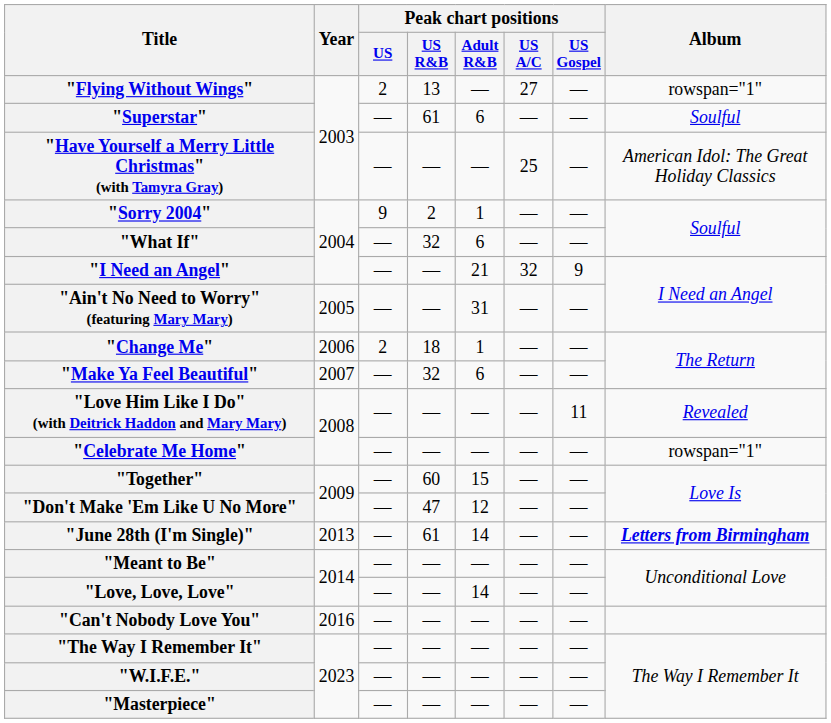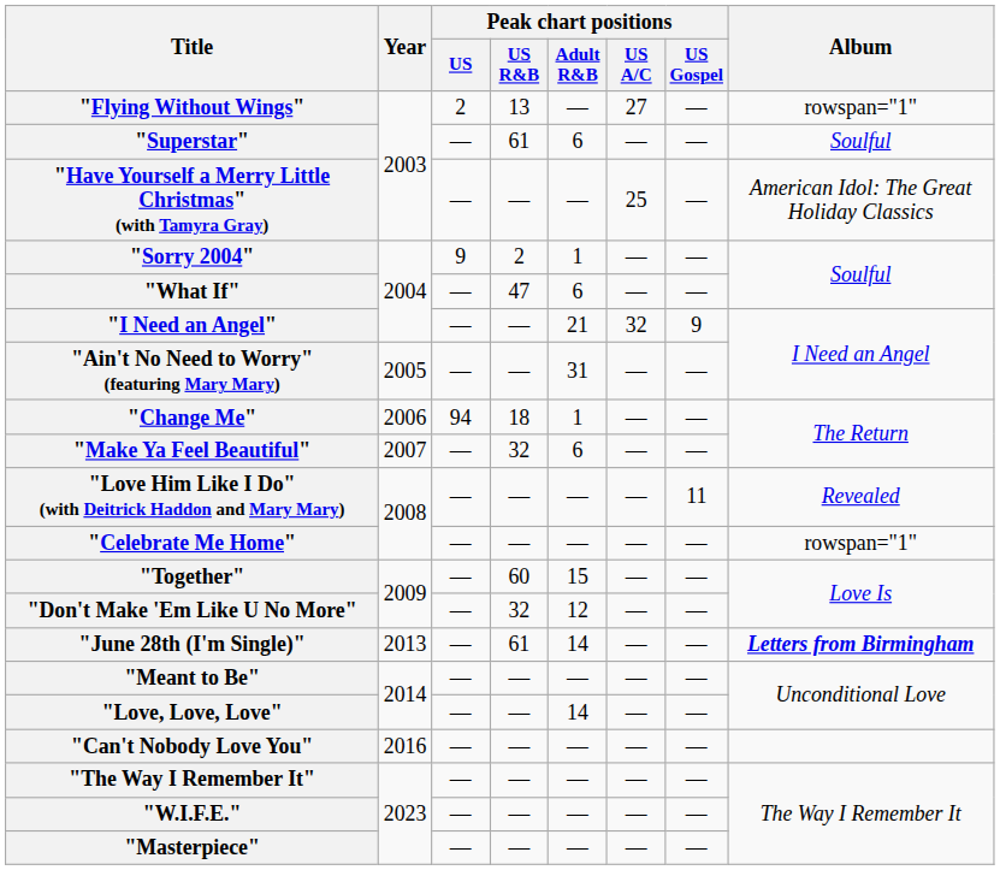 <table class="wikitable plainrowheaders" style="text-align:center;">
 <tr>
 <th scope="col" rowspan="2" style="width:17em;">Title</th>
 <th scope="col" rowspan="2">Year</th>
 <th scope="col" colspan="5">Peak chart positions</th>
 <th scope="col" rowspan="2" style="width:12em;">Album</th>
 </tr>
 <tr>
 <th scope="col" style="width:2.75em;font-size:85%;"><a href='#'>US</a></th>
 <th scope="col" style="width:2.75em;font-size:85%;"><a href='#'>US<br>R&B</a></th>
 <th scope="col" style="width:2.75em;font-size:85%;"><a href='#'>Adult<br>R&B</a></th>
 <th scope="col" style="width:2.75em;font-size:85%;"><a href='#'>US<br>A/C</a></th>
 <th scope="col" style="width:2.75em;font-size:85%;"><a href='#'>US<br>Gospel</a></th>
 </tr>
 <tr>
 <th scope="row">"<a href='#'>Flying Without Wings</a>"</th>
 <td rowspan="3">2003</td>
 <td align="center">2</td>
 <td align="center">13</td>
 <td align="center">—</td>
 <td align="center">27</td>
 <td align="center">—</td>
 <td>rowspan="1" </td>
 </tr>
 <tr>
 <th scope="row">"<a href='#'>Superstar</a>"</th>
 <td align="center">—</td>
 <td align="center">61</td>
 <td align="center">6</td>
 <td align="center">—</td>
 <td align="center">—</td>
 <td><em><a href='#'>Soulful</a></em></td>
 </tr>
 <tr>
 <th scope="row">"<a href='#'>Have Yourself a Merry Little Christmas</a>" <br><small>(with <a href='#'>Tamyra Gray</a>)</small></th>
 <td align="center">—</td>
 <td align="center">—</td>
 <td align="center">—</td>
 <td align="center">25</td>
 <td align="center">—</td>
 <td><em>American Idol: The Great Holiday Classics</em></td>
 </tr>
 <tr>
 <th scope="row">"<a href='#'>Sorry 2004</a>"</th>
 <td rowspan="3">2004</td>
 <td align="center">9</td>
 <td align="center">2</td>
 <td align="center">1</td>
 <td align="center">—</td>
 <td align="center">—</td>
 <td rowspan="2"><em><a href='#'>Soulful</a></em></td>
 </tr>
 <tr>
 <th scope="row">"What If"</th>
 <td align="center">—</td>
-<td align="center">32</td>
+<td align="center">47</td>
 <td align="center">6</td>
 <td align="center">—</td>
 <td align="center">—</td>
 </tr>
 <tr>
 <th scope="row">"<a href='#'>I Need an Angel</a>"</th>
 <td align="center">—</td>
 <td align="center">—</td>
 <td align="center">21</td>
 <td align="center">32</td>
 <td align="center">9</td>
 <td rowspan="2"><em><a href='#'>I Need an Angel</a></em></td>
 </tr>
 <tr>
 <th scope="row">"Ain't No Need to Worry"<br><small>(featuring <a href='#'>Mary Mary</a>)</small></th>
 <td>2005</td>
 <td align="center">—</td>
 <td align="center">—</td>
 <td align="center">31</td>
 <td align="center">—</td>
 <td align="center">—</td>
 </tr>
 <tr>
 <th scope="row">"<a href='#'>Change Me</a>"</th>
 <td>2006</td>
-<td align="center">2</td>
+<td align="center">94</td>
 <td align="center">18</td>
 <td align="center">1</td>
 <td align="center">—</td>
 <td align="center">—</td>
 <td rowspan="2"><em><a href='#'>The Return</a></em></td>
 </tr>
 <tr>
 <th scope="row">"<a href='#'>Make Ya Feel Beautiful</a>"</th>
 <td>2007</td>
 <td align="center">—</td>
 <td align="center">32</td>
 <td align="center">6</td>
 <td align="center">—</td>
 <td align="center">—</td>
 </tr>
 <tr>
 <th scope="row">"Love Him Like I Do" <br><small>(with <a href='#'>Deitrick Haddon</a> and <a href='#'>Mary Mary</a>)</small></th>
 <td rowspan="2">2008</td>
 <td align="center">—</td>
 <td align="center">—</td>
 <td align="center">—</td>
 <td align="center">—</td>
 <td align="center">11</td>
 <td><em><a href='#'>Revealed</a></em></td>
 </tr>
 <tr>
 <th scope="row">"<a href='#'>Celebrate Me Home</a>"</th>
 <td align="center">—</td>
 <td align="center">—</td>
 <td align="center">—</td>
 <td align="center">—</td>
 <td align="center">—</td>
 <td>rowspan="1" </td>
 </tr>
 <tr>
 <th scope="row">"Together"</th>
 <td rowspan="2">2009</td>
 <td align="center">—</td>
 <td align="center">60</td>
 <td align="center">15</td>
 <td align="center">—</td>
 <td align="center">—</td>
 <td rowspan="2"><a href='#'><em>Love Is</em></a></td>
 </tr>
 <tr>
 <th scope="row">"Don't Make 'Em Like U No More"</th>
 <td align="center">—</td>
-<td align="center">47</td>
+<td align="center">32</td>
 <td align="center">12</td>
 <td align="center">—</td>
 <td align="center">—</td>
 </tr>
 <tr>
 <th scope="row">"June 28th (I'm Single)"</th>
 <td>2013</td>
 <td align="center">—</td>
 <td align="center">61</td>
 <td align="center">14</td>
 <td align="center">—</td>
 <td align="center">—</td>
 <td><strong><em><a href='#'>Letters from Birmingham</a></em></strong></td>
 </tr>
 <tr>
 <th scope="row">"Meant to Be"</th>
 <td rowspan="2">2014</td>
 <td align="center">—</td>
 <td align="center">—</td>
 <td align="center">—</td>
 <td align="center">—</td>
 <td align="center">—</td>
 <td rowspan="2"><em>Unconditional Love</em></td>
 </tr>
 <tr>
 <th scope="row">"Love, Love, Love"</th>
 <td align="center">—</td>
 <td align="center">—</td>
 <td align="center">14</td>
 <td align="center">—</td>
 <td align="center">—</td>
 </tr>
 <tr>
 <th scope="row">"Can't Nobody Love You"</th>
 <td>2016</td>
 <td align="center">—</td>
 <td align="center">—</td>
 <td align="center">—</td>
 <td align="center">—</td>
 <td align="center">—</td>
 <td></td>
 </tr>
 <tr>
 <th scope="row">"The Way I Remember It"</th>
 <td rowspan="3">2023</td>
 <td align="center">—</td>
 <td align="center">—</td>
 <td align="center">—</td>
 <td align="center">—</td>
 <td align="center">—</td>
 <td rowspan="3"><em>The Way I Remember It</em></td>
 </tr>
 <tr>
 <th scope="row">"W.I.F.E."</th>
 <td align="center">—</td>
 <td align="center">—</td>
 <td align="center">—</td>
 <td align="center">—</td>
 <td align="center">—</td>
 </tr>
 <tr>
 <th scope="row">"Masterpiece"</th>
 <td align="center">—</td>
 <td align="center">—</td>
 <td align="center">—</td>
 <td align="center">—</td>
 <td align="center">—</td>
 </tr>
 </table>
